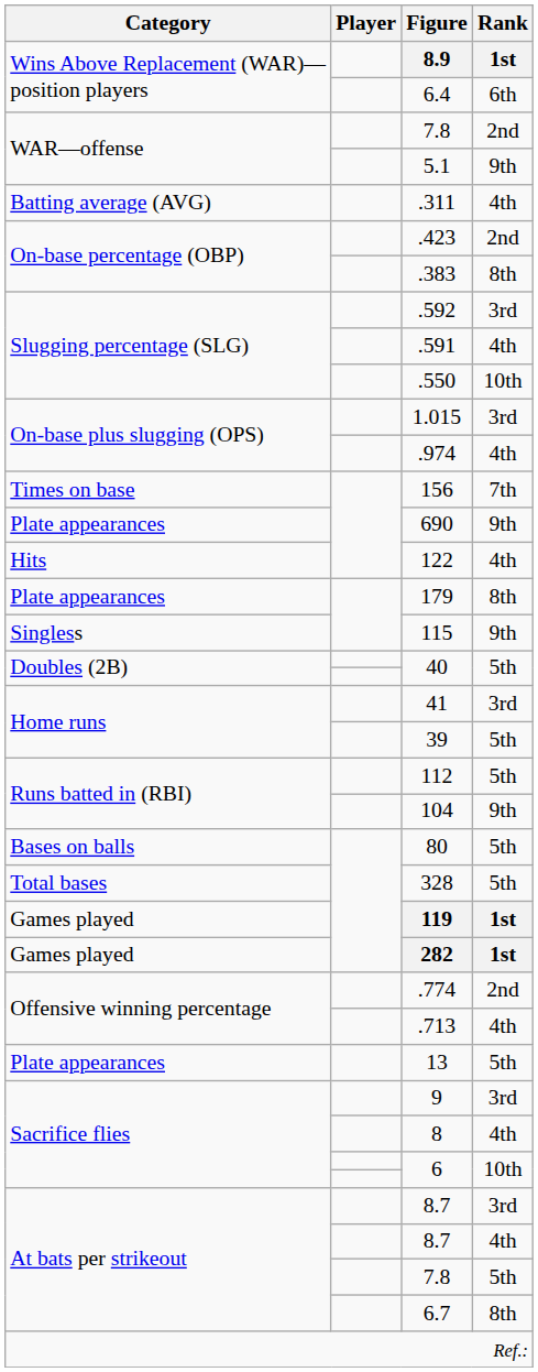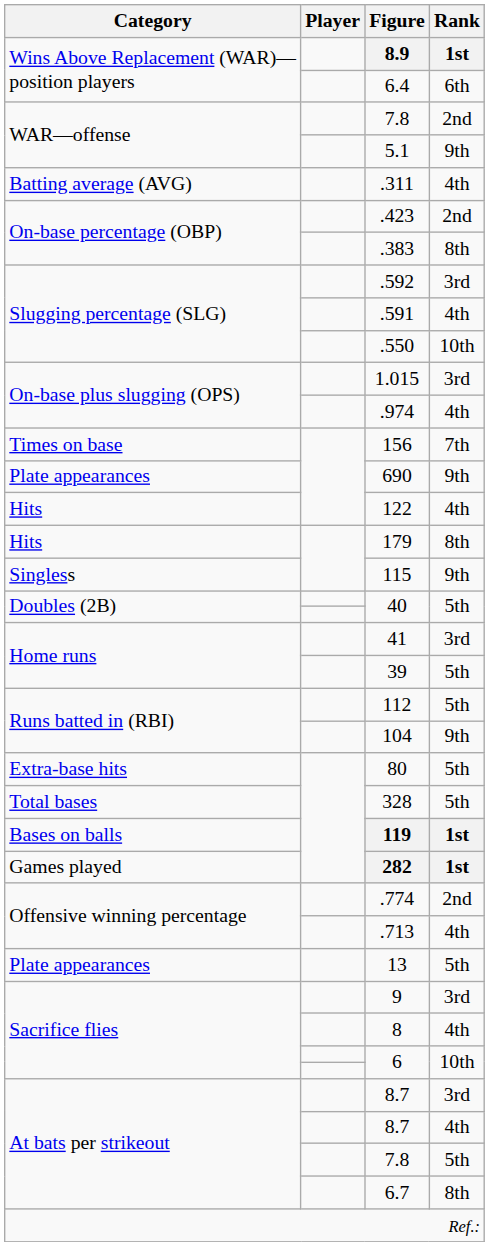 <table class="wikitable sortable sticky-header" border="1" style="font-size: 90%">
 <tr>
 <th>Category</th>
 <th>Player</th>
 <th>Figure</th>
 <th>Rank</th>
 </tr>
 <tr>
 <td rowspan="2"><a href='#'>Wins Above Replacement</a> (WAR)—<br>position players</td>
 <td></td>
 <th align="center">8.9</th>
 <th align="center">1st</th>
 </tr>
 <tr>
 <td></td>
 <td align="center">6.4</td>
 <td align="center">6th</td>
 </tr>
 <tr>
 <td rowspan="2">WAR—offense</td>
 <td></td>
 <td align="center">7.8</td>
 <td align="center">2nd</td>
 </tr>
 <tr>
 <td></td>
 <td align="center">5.1</td>
 <td align="center">9th</td>
 </tr>
 <tr>
 <td><a href='#'>Batting average</a> (AVG)</td>
 <td></td>
 <td align="center">.311</td>
 <td align="center">4th</td>
 </tr>
 <tr>
 <td rowspan="2"><a href='#'>On-base percentage</a> (OBP)</td>
 <td></td>
 <td align="center">.423</td>
 <td align="center">2nd</td>
 </tr>
 <tr>
 <td></td>
 <td align="center">.383</td>
 <td align="center">8th</td>
 </tr>
 <tr>
 <td rowspan="3"><a href='#'>Slugging percentage</a> (SLG)</td>
 <td></td>
 <td align="center">.592</td>
 <td align="center">3rd</td>
 </tr>
 <tr>
 <td></td>
 <td align="center">.591</td>
 <td align="center">4th</td>
 </tr>
 <tr>
 <td></td>
 <td align="center">.550</td>
 <td align="center">10th</td>
 </tr>
 <tr>
 <td rowspan="2"><a href='#'>On-base plus slugging</a> (OPS)</td>
 <td></td>
 <td align="center">1.015</td>
 <td align="center">3rd</td>
 </tr>
 <tr>
 <td></td>
 <td align="center">.974</td>
 <td align="center">4th</td>
 </tr>
 <tr>
 <td><a href='#'>Times on base</a></td>
 <td rowspan="3"></td>
 <td align="center">156</td>
 <td align="center">7th</td>
 </tr>
 <tr>
 <td><a href='#'>Plate appearances</a></td>
 <td align="center">690</td>
 <td align="center">9th</td>
 </tr>
 <tr>
 <td><a href='#'>Hits</a></td>
 <td align="center">122</td>
 <td align="center">4th</td>
 </tr>
 <tr>
-<td><a href='#'>Plate appearances</a></td>
+<td><a href='#'>Hits</a></td>
 <td rowspan="2"></td>
 <td align="center">179</td>
 <td align="center">8th</td>
 </tr>
 <tr>
 <td><a href='#'>Singles</a>s</td>
 <td align="center">115</td>
 <td align="center">9th</td>
 </tr>
 <tr>
 <td rowspan="2"><a href='#'>Doubles</a> (2B)</td>
 <td></td>
 <td align="center" rowspan="2">40</td>
 <td align="center" rowspan="2">5th</td>
 </tr>
 <tr>
 <td></td>
 </tr>
 <tr>
 <td rowspan="2"><a href='#'>Home runs</a></td>
 <td></td>
 <td align="center">41</td>
 <td align="center">3rd</td>
 </tr>
 <tr>
 <td></td>
 <td align="center">39</td>
 <td align="center">5th</td>
 </tr>
 <tr>
 <td rowspan="2"><a href='#'>Runs batted in</a> (RBI)</td>
 <td></td>
 <td align="center">112</td>
 <td align="center">5th</td>
 </tr>
 <tr>
 <td></td>
 <td align="center">104</td>
 <td align="center">9th</td>
 </tr>
 <tr>
-<td><a href='#'>Bases on balls</a></td>
+<td><a href='#'>Extra-base hits</a></td>
 <td rowspan="4"></td>
 <td align="center">80</td>
 <td align="center">5th</td>
 </tr>
 <tr>
 <td><a href='#'>Total bases</a></td>
 <td align="center">328</td>
 <td align="center">5th</td>
 </tr>
 <tr>
-<td>Games played</td>
+<td><a href='#'>Bases on balls</a></td>
 <th align="center">119</th>
 <th align="center">1st</th>
 </tr>
 <tr>
 <td>Games played</td>
 <th align="center">282</th>
 <th align="center">1st</th>
 </tr>
 <tr>
 <td rowspan="2">Offensive winning percentage</td>
 <td></td>
 <td align="center">.774</td>
 <td align="center">2nd</td>
 </tr>
 <tr>
 <td></td>
 <td align="center">.713</td>
 <td align="center">4th</td>
 </tr>
 <tr>
 <td><a href='#'>Plate appearances</a></td>
 <td></td>
 <td align="center">13</td>
 <td align="center">5th</td>
 </tr>
 <tr>
 <td rowspan="4"><a href='#'>Sacrifice flies</a></td>
 <td></td>
 <td align="center">9</td>
 <td align="center">3rd</td>
 </tr>
 <tr>
 <td></td>
 <td align="center">8</td>
 <td align="center">4th</td>
 </tr>
 <tr>
 <td></td>
 <td align="center" rowspan="2">6</td>
 <td align="center" rowspan="2">10th</td>
 </tr>
 <tr>
 <td></td>
 </tr>
 <tr>
 <td rowspan="4"><a href='#'>At bats</a> per <a href='#'>strikeout</a></td>
 <td></td>
 <td align="center">8.7</td>
 <td align="center">3rd</td>
 </tr>
 <tr>
 <td></td>
 <td align="center">8.7</td>
 <td align="center">4th</td>
 </tr>
 <tr>
 <td></td>
 <td align="center">7.8</td>
 <td align="center">5th</td>
 </tr>
 <tr>
 <td></td>
 <td align="center">6.7</td>
 <td align="center">8th</td>
 </tr>
 <tr class="sortbottom">
 <td colspan="4;" align="right"><small><em>Ref.:</em></small></td>
 </tr>
 </table>
